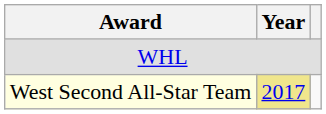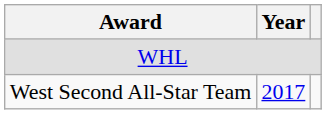 <table class="wikitable">
 <tr>
 <th>Award</th>
 <th>Year</th>
 <th></th>
 </tr>
 <tr ALIGN="center" bgcolor="#e0e0e0">
 <td colspan="3"><a href='#'>WHL</a></td>
 </tr>
 <tr>
-<td style="background: lightyellow;">West Second All-Star Team</td>
-<td style="background: khaki;"><a href='#'>2017</a></td>
+<td>West Second All-Star Team</td>
+<td><a href='#'>2017</a></td>
 <td></td>
 </tr>
 </table>
